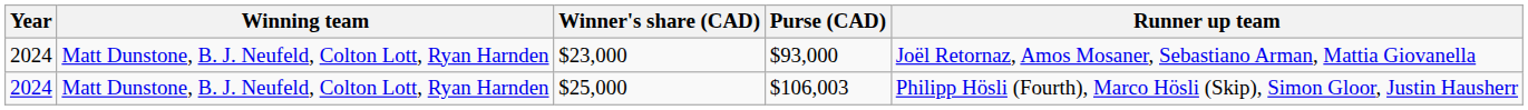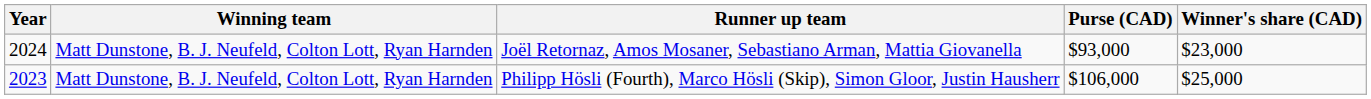 <table class="wikitable">
 <tr>
 <th scope="col">Year</th>
 <th scope="col">Winning team</th>
+<th scope="col">Runner up team</th>
+<th scope="col">Purse (CAD)</th>
 <th scope="col">Winner's share (CAD)</th>
-<th scope="col">Purse (CAD)</th>
-<th scope="col">Runner up team</th>
 </tr>
 <tr>
 <td>2024</td>
 <td> <a href='#'>Matt Dunstone</a>, <a href='#'>B. J. Neufeld</a>, <a href='#'>Colton Lott</a>, <a href='#'>Ryan Harnden</a></td>
+<td> <a href='#'>Joël Retornaz</a>, <a href='#'>Amos Mosaner</a>, <a href='#'>Sebastiano Arman</a>, <a href='#'>Mattia Giovanella</a></td>
+<td>$93,000</td>
 <td>$23,000</td>
-<td>$93,000</td>
-<td> <a href='#'>Joël Retornaz</a>, <a href='#'>Amos Mosaner</a>, <a href='#'>Sebastiano Arman</a>, <a href='#'>Mattia Giovanella</a></td>
 </tr>
 <tr>
-<td><a href='#'>2024</a></td>
+<td><a href='#'>2023</a></td>
 <td> <a href='#'>Matt Dunstone</a>, <a href='#'>B. J. Neufeld</a>, <a href='#'>Colton Lott</a>, <a href='#'>Ryan Harnden</a></td>
+<td> <a href='#'>Philipp Hösli</a> (Fourth), <a href='#'>Marco Hösli</a> (Skip), <a href='#'>Simon Gloor</a>, <a href='#'>Justin Hausherr</a></td>
+<td>$106,000</td>
 <td>$25,000</td>
-<td>$106,003</td>
-<td> <a href='#'>Philipp Hösli</a> (Fourth), <a href='#'>Marco Hösli</a> (Skip), <a href='#'>Simon Gloor</a>, <a href='#'>Justin Hausherr</a></td>
 </tr>
 </table>
